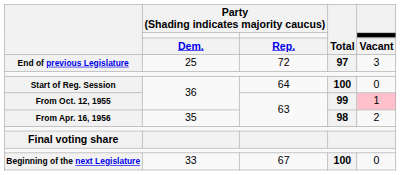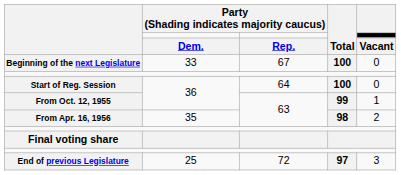 <table class=wikitable style="text-align:center">
 <tr style="vertical-align:bottom;">
 <th rowspan=3></th>
 <th colspan=2>Party <div>(Shading indicates majority caucus)</div></th>
 <th rowspan=3>Total</th>
 <th></th>
 </tr>
 <tr style="height:5px">
 <td style="background-color:"></td>
 <td style="background-color:"></td>
 <td style="background:black;"></td>
 </tr>
 <tr>
 <th><a href='#'>Dem.</a></th>
 <th><a href='#'>Rep.</a></th>
 <th>Vacant</th>
 </tr>
 <tr>
-<th style="font-size:80%;">End of <a href='#'>previous Legislature</a></th>
-<td>25</td>
-<td>72</td>
-<th>97</th>
-<td>3</td>
+<th style="font-size:80%;">Beginning of the <a href='#'>next Legislature</a></th>
+<td>33</td>
+<td>67</td>
+<th>100</th>
+<td>0</td>
 </tr>
 <tr>
 <td colspan=5></td>
 </tr>
 <tr>
 <th style="font-size:80%;">Start of Reg. Session</th>
 <td rowspan="2">36</td>
 <td>64</td>
 <th>100</th>
 <td>0</td>
 </tr>
 <tr>
 <th style="font-size:80%;">From Oct. 12, 1955</th>
 <td rowspan="2" >63</td>
 <th>99</th>
-<td style="background: pink;">1</td>
+<td>1</td>
 </tr>
 <tr>
 <th style="font-size:80%;">From Apr. 16, 1956</th>
 <td>35</td>
 <th>98</th>
 <td>2</td>
 </tr>
 <tr>
 <td colspan=5></td>
 </tr>
 <tr>
 <th>Final voting share</th>
 <th></th>
 <th></th>
 <th colspan=2></th>
 </tr>
 <tr>
 <td colspan=5></td>
 </tr>
 <tr>
-<th style="font-size:80%;">Beginning of the <a href='#'>next Legislature</a></th>
-<td>33</td>
-<td>67</td>
-<th>100</th>
-<td>0</td>
+<th style="font-size:80%;">End of <a href='#'>previous Legislature</a></th>
+<td>25</td>
+<td>72</td>
+<th>97</th>
+<td>3</td>
 </tr>
 </table>
